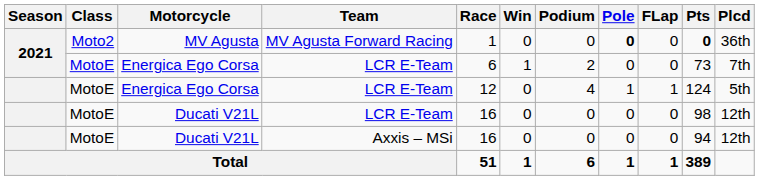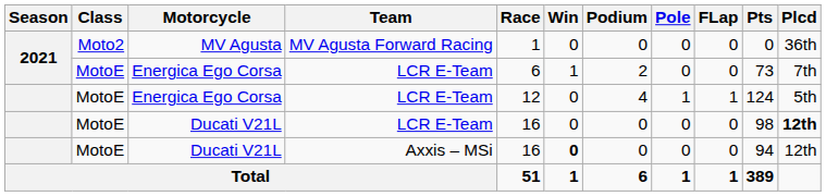 <table class="wikitable" style=text-align:right>
 <tr>
 <th>Season</th>
 <th>Class</th>
 <th>Motorcycle</th>
 <th>Team</th>
 <th>Race</th>
 <th>Win</th>
 <th>Podium</th>
 <th><a href='#'>Pole</a></th>
 <th>FLap</th>
 <th>Pts</th>
 <th>Plcd</th>
 </tr>
 <tr align="right">
 <th rowspan=2>2021</th>
 <td><a href='#'>Moto2</a></td>
 <td><a href='#'>MV Agusta</a></td>
 <td><a href='#'>MV Agusta Forward Racing</a></td>
 <td>1</td>
 <td>0</td>
 <td>0</td>
-<td><strong>0</strong></td>
 <td>0</td>
-<td><strong>0</strong></td>
+<td>0</td>
+<td>0</td>
 <td>36th</td>
 </tr>
 <tr align="right">
 <td><a href='#'>MotoE</a></td>
 <td><a href='#'>Energica Ego Corsa</a></td>
 <td><a href='#'>LCR E-Team</a></td>
 <td>6</td>
 <td>1</td>
 <td>2</td>
 <td>0</td>
 <td>0</td>
 <td>73</td>
 <td>7th</td>
 </tr>
 <tr align="right">
 <th></th>
 <td>MotoE</td>
 <td><a href='#'>Energica Ego Corsa</a></td>
 <td><a href='#'>LCR E-Team</a></td>
 <td>12</td>
 <td>0</td>
 <td>4</td>
 <td>1</td>
 <td>1</td>
 <td>124</td>
 <td>5th</td>
 </tr>
 <tr align="right">
 <th></th>
 <td>MotoE</td>
 <td><a href='#'>Ducati V21L</a></td>
 <td><a href='#'>LCR E-Team</a></td>
 <td>16</td>
 <td>0</td>
 <td>0</td>
 <td>0</td>
 <td>0</td>
 <td>98</td>
-<td>12th</td>
+<td><strong>12th</strong></td>
 </tr>
 <tr align="right">
 <th></th>
 <td>MotoE</td>
 <td><a href='#'>Ducati V21L</a></td>
 <td>Axxis – MSi</td>
 <td>16</td>
-<td>0</td>
+<td><strong>0</strong></td>
 <td>0</td>
 <td>0</td>
 <td>0</td>
 <td>94</td>
 <td>12th</td>
 </tr>
 <tr>
 <th colspan=4>Total</th>
 <td><strong>51</strong></td>
 <td><strong>1</strong></td>
 <td><strong>6</strong></td>
 <td><strong>1</strong></td>
 <td><strong>1</strong></td>
 <td><strong>389</strong></td>
 <td></td>
 </tr>
 </table>
